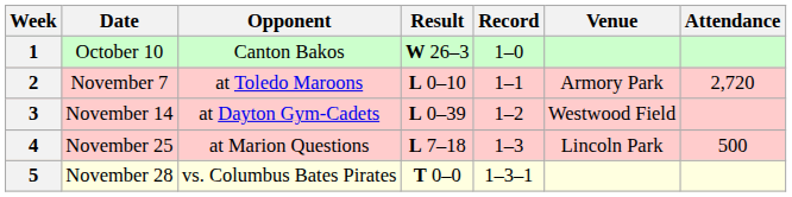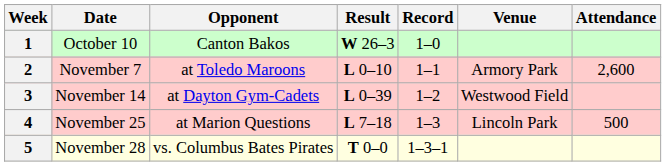 <table class="wikitable" style="text-align:center">
 <tr>
 <th>Week</th>
 <th>Date</th>
 <th>Opponent</th>
 <th>Result</th>
 <th>Record</th>
 <th>Venue</th>
 <th>Attendance</th>
 </tr>
 <tr style="background:#cfc">
 <th>1</th>
 <td>October 10</td>
 <td>Canton Bakos</td>
 <td><strong>W</strong> 26–3</td>
 <td>1–0</td>
 <td></td>
 <td></td>
 </tr>
 <tr style="background:#fcc">
 <th>2</th>
 <td>November 7</td>
 <td>at <a href='#'>Toledo Maroons</a></td>
 <td><strong>L</strong> 0–10</td>
 <td>1–1</td>
 <td>Armory Park</td>
-<td>2,720</td>
+<td>2,600</td>
 </tr>
 <tr style="background:#fcc">
 <th>3</th>
 <td>November 14</td>
 <td>at <a href='#'>Dayton Gym-Cadets</a></td>
 <td><strong>L</strong> 0–39</td>
 <td>1–2</td>
 <td>Westwood Field</td>
 <td></td>
 </tr>
 <tr style="background:#fcc">
 <th>4</th>
 <td>November 25</td>
 <td>at Marion Questions</td>
 <td><strong>L</strong> 7–18</td>
 <td>1–3</td>
 <td>Lincoln Park</td>
 <td>500</td>
 </tr>
 <tr style="background:lightyellow">
 <th>5</th>
 <td>November 28</td>
 <td>vs. Columbus Bates Pirates</td>
 <td><strong>T</strong> 0–0</td>
 <td>1–3–1</td>
 <td></td>
 <td></td>
 </tr>
 </table>
